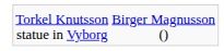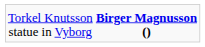 <table style="float:right; clear:right; margin: 10px; border: 1px #CCCCCC solid; background:#F9F9F9">
 <tr>
 <td align="center"></td>
 <td align="center"></td>
 </tr>
 <tr>
 <td align="center"><a href='#'>Torkel Knutsson</a><br>statue in <a href='#'>Vyborg</a></td>
-<td align="center"><a href='#'>Birger Magnusson</a><br>()</td>
+<td align="center"><strong><a href='#'>Birger Magnusson</a><br>()</strong></td>
 </tr>
 </table>
